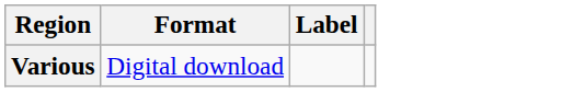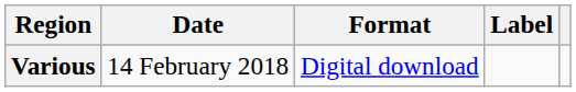 <table class="wikitable plainrowheaders">
 <tr>
 <th scope="col">Region</th>
+<th scope="col">Date</th>
 <th scope="col">Format</th>
 <th scope="col">Label</th>
 <th scope="col"></th>
 </tr>
 <tr>
 <th scope="row">Various</th>
+<td>14 February 2018</td>
 <td><a href='#'>Digital download</a></td>
 <td></td>
 <td style="text-align:center"></td>
 </tr>
 </table>
